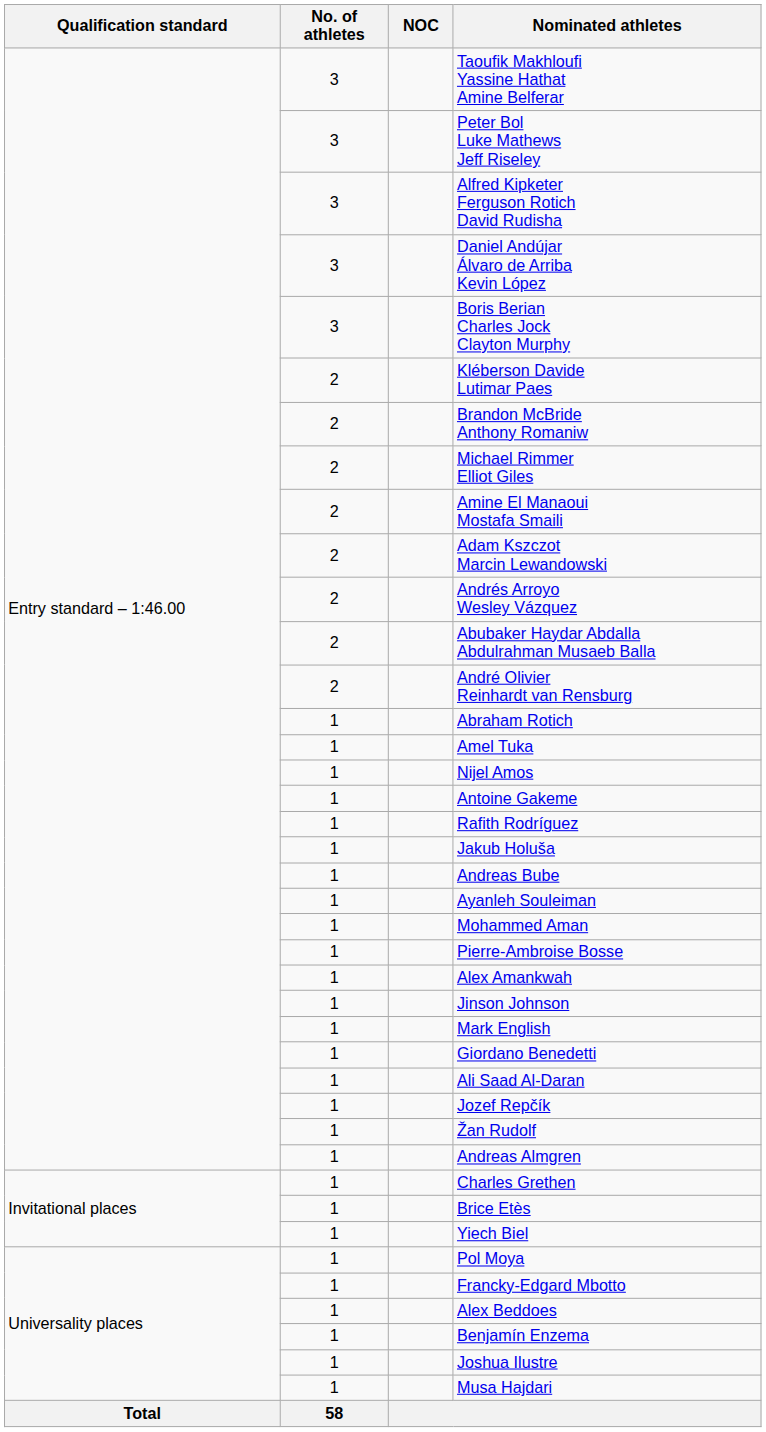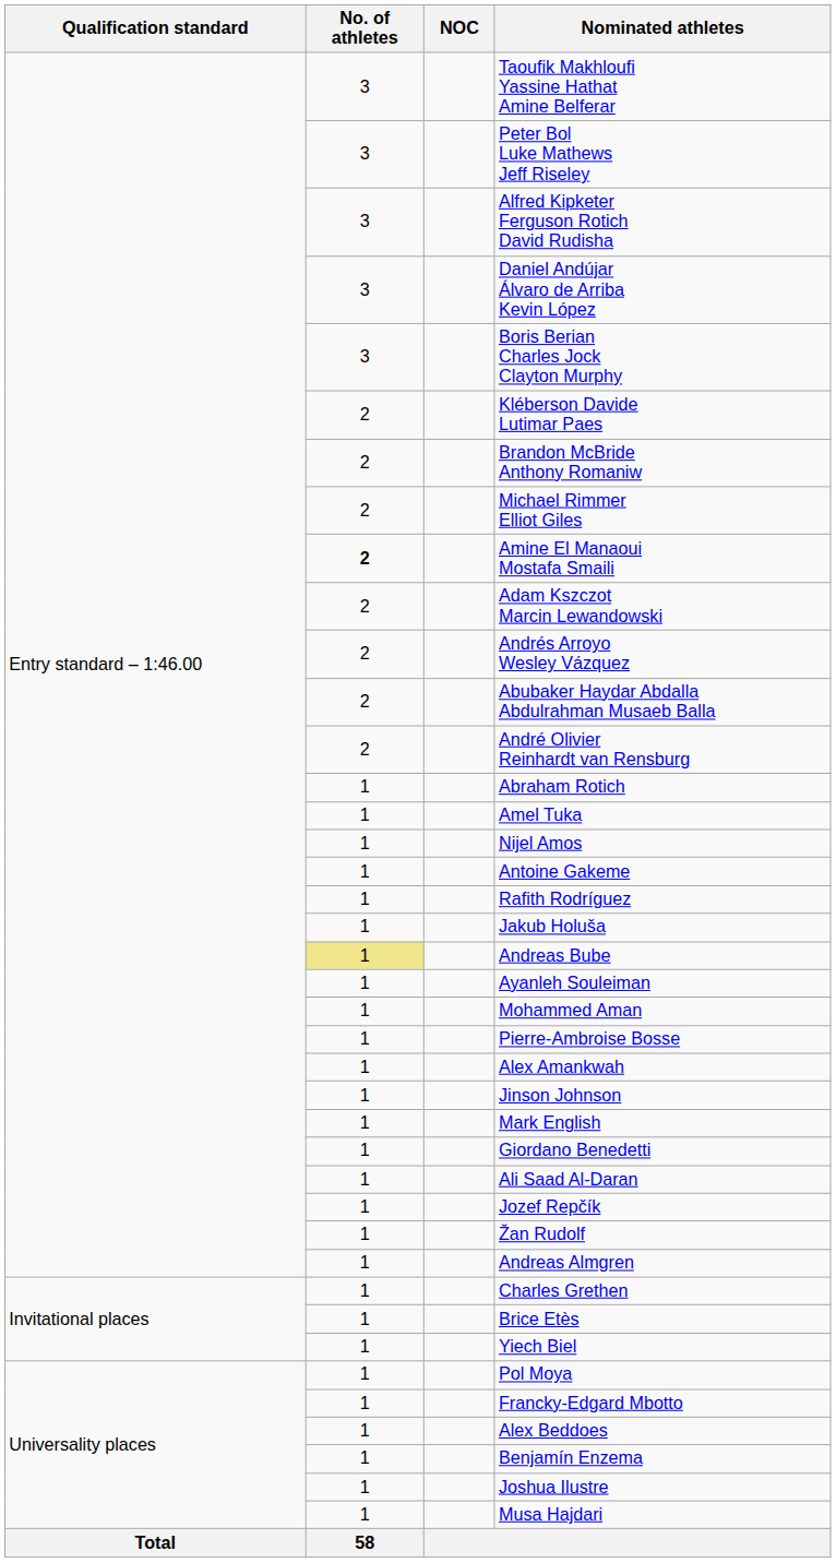 <table class="wikitable"  style="text-align:left; width:750px;">
 <tr>
 <th>Qualification standard</th>
 <th width=100>No. of athletes</th>
 <th>NOC</th>
 <th>Nominated athletes</th>
 </tr>
 <tr>
 <td rowspan=31>Entry standard – 1:46.00</td>
 <td style="text-align:center;">3</td>
 <td></td>
 <td><a href='#'>Taoufik Makhloufi</a><br><a href='#'>Yassine Hathat</a><br><a href='#'>Amine Belferar</a></td>
 </tr>
 <tr>
 <td style="text-align:center;">3</td>
 <td></td>
 <td><a href='#'>Peter Bol</a><br><a href='#'>Luke Mathews</a><br><a href='#'>Jeff Riseley</a></td>
 </tr>
 <tr>
 <td style="text-align:center;">3</td>
 <td></td>
 <td><a href='#'>Alfred Kipketer</a><br><a href='#'>Ferguson Rotich</a><br><a href='#'>David Rudisha</a></td>
 </tr>
 <tr>
 <td style="text-align:center;">3</td>
 <td></td>
 <td><a href='#'>Daniel Andújar</a><br><a href='#'>Álvaro de Arriba</a><br><a href='#'>Kevin López</a></td>
 </tr>
 <tr>
 <td style="text-align:center;">3</td>
 <td></td>
 <td><a href='#'>Boris Berian</a><br><a href='#'>Charles Jock</a><br><a href='#'>Clayton Murphy</a></td>
 </tr>
 <tr>
 <td style="text-align:center;">2</td>
 <td></td>
 <td><a href='#'>Kléberson Davide</a><br><a href='#'>Lutimar Paes</a></td>
 </tr>
 <tr>
 <td style="text-align:center;">2</td>
 <td></td>
 <td><a href='#'>Brandon McBride</a><br><a href='#'>Anthony Romaniw</a></td>
 </tr>
 <tr>
 <td style="text-align:center;">2</td>
 <td></td>
 <td><a href='#'>Michael Rimmer</a><br><a href='#'>Elliot Giles</a></td>
 </tr>
 <tr>
-<td style="text-align:center;">2</td>
+<td style="text-align:center;"><strong>2</strong></td>
 <td></td>
 <td><a href='#'>Amine El Manaoui</a><br><a href='#'>Mostafa Smaili</a></td>
 </tr>
 <tr>
 <td style="text-align:center;">2</td>
 <td></td>
 <td><a href='#'>Adam Kszczot</a><br><a href='#'>Marcin Lewandowski</a><br></td>
 </tr>
 <tr>
 <td style="text-align:center;">2</td>
 <td></td>
 <td><a href='#'>Andrés Arroyo</a><br><a href='#'>Wesley Vázquez</a></td>
 </tr>
 <tr>
 <td style="text-align:center;">2</td>
 <td></td>
 <td><a href='#'>Abubaker Haydar Abdalla</a><br><a href='#'>Abdulrahman Musaeb Balla</a></td>
 </tr>
 <tr>
 <td style="text-align:center;">2</td>
 <td></td>
 <td><a href='#'>André Olivier</a><br><a href='#'>Reinhardt van Rensburg</a></td>
 </tr>
 <tr>
 <td style="text-align:center;">1</td>
 <td></td>
 <td><a href='#'>Abraham Rotich</a></td>
 </tr>
 <tr>
 <td style="text-align:center;">1</td>
 <td></td>
 <td><a href='#'>Amel Tuka</a></td>
 </tr>
 <tr>
 <td style="text-align:center;">1</td>
 <td></td>
 <td><a href='#'>Nijel Amos</a></td>
 </tr>
 <tr>
 <td style="text-align:center;">1</td>
 <td></td>
 <td><a href='#'>Antoine Gakeme</a></td>
 </tr>
 <tr>
 <td style="text-align:center;">1</td>
 <td></td>
 <td><a href='#'>Rafith Rodríguez</a></td>
 </tr>
 <tr>
 <td style="text-align:center;">1</td>
 <td></td>
 <td><a href='#'>Jakub Holuša</a></td>
 </tr>
 <tr>
-<td style="text-align:center;">1</td>
+<td style="background: khaki; text-align:center;">1</td>
 <td></td>
 <td><a href='#'>Andreas Bube</a></td>
 </tr>
 <tr>
 <td style="text-align:center;">1</td>
 <td></td>
 <td><a href='#'>Ayanleh Souleiman</a></td>
 </tr>
 <tr>
 <td style="text-align:center;">1</td>
 <td></td>
 <td><a href='#'>Mohammed Aman</a></td>
 </tr>
 <tr>
 <td style="text-align:center;">1</td>
 <td></td>
 <td><a href='#'>Pierre-Ambroise Bosse</a></td>
 </tr>
 <tr>
 <td style="text-align:center;">1</td>
 <td></td>
 <td><a href='#'>Alex Amankwah</a></td>
 </tr>
 <tr>
 <td style="text-align:center;">1</td>
 <td></td>
 <td><a href='#'>Jinson Johnson</a></td>
 </tr>
 <tr>
 <td style="text-align:center;">1</td>
 <td></td>
 <td><a href='#'>Mark English</a> </td>
 </tr>
 <tr>
 <td style="text-align:center;">1</td>
 <td></td>
 <td><a href='#'>Giordano Benedetti</a></td>
 </tr>
 <tr>
 <td style="text-align:center;">1</td>
 <td></td>
 <td><a href='#'>Ali Saad Al-Daran</a></td>
 </tr>
 <tr>
 <td style="text-align:center;">1</td>
 <td></td>
 <td><a href='#'>Jozef Repčík</a></td>
 </tr>
 <tr>
 <td style="text-align:center;">1</td>
 <td></td>
 <td><a href='#'>Žan Rudolf</a></td>
 </tr>
 <tr>
 <td style="text-align:center;">1</td>
 <td></td>
 <td><a href='#'>Andreas Almgren</a></td>
 </tr>
 <tr>
 <td rowspan=3>Invitational places</td>
 <td style="text-align:center;">1</td>
 <td></td>
 <td><a href='#'>Charles Grethen</a></td>
 </tr>
 <tr>
 <td style="text-align:center;">1</td>
 <td></td>
 <td><a href='#'>Brice Etès</a></td>
 </tr>
 <tr>
 <td style="text-align:center;">1</td>
 <td></td>
 <td><a href='#'>Yiech Biel</a></td>
 </tr>
 <tr>
 <td rowspan=6>Universality places</td>
 <td style="text-align:center;">1</td>
 <td></td>
 <td><a href='#'>Pol Moya</a></td>
 </tr>
 <tr>
 <td style="text-align:center;">1</td>
 <td></td>
 <td><a href='#'>Francky-Edgard Mbotto</a></td>
 </tr>
 <tr>
 <td style="text-align:center;">1</td>
 <td></td>
 <td><a href='#'>Alex Beddoes</a></td>
 </tr>
 <tr>
 <td style="text-align:center;">1</td>
 <td></td>
 <td><a href='#'>Benjamín Enzema</a></td>
 </tr>
 <tr>
 <td style="text-align:center;">1</td>
 <td></td>
 <td><a href='#'>Joshua Ilustre</a></td>
 </tr>
 <tr>
 <td style="text-align:center;">1</td>
 <td></td>
 <td><a href='#'>Musa Hajdari</a></td>
 </tr>
 <tr>
 <th>Total</th>
 <th>58</th>
 <th colspan=2></th>
 </tr>
 </table>
